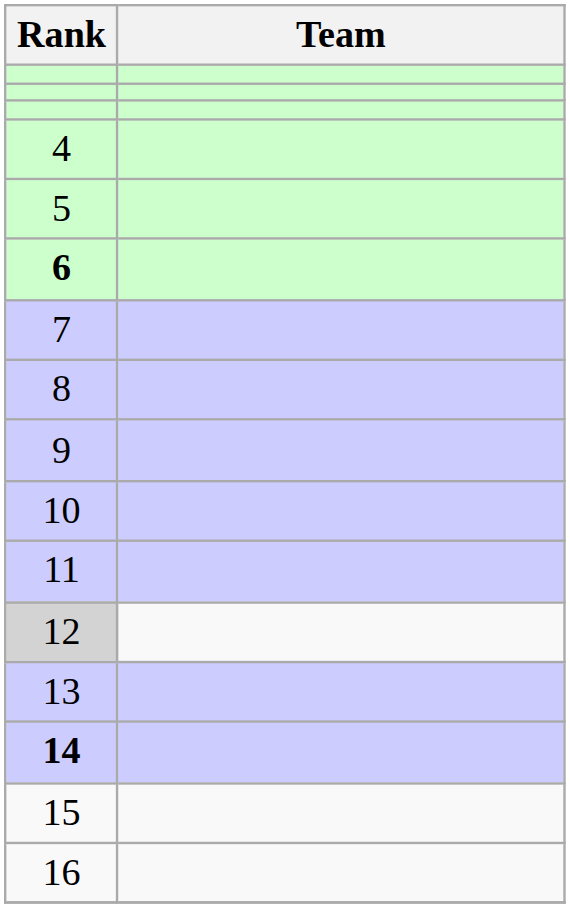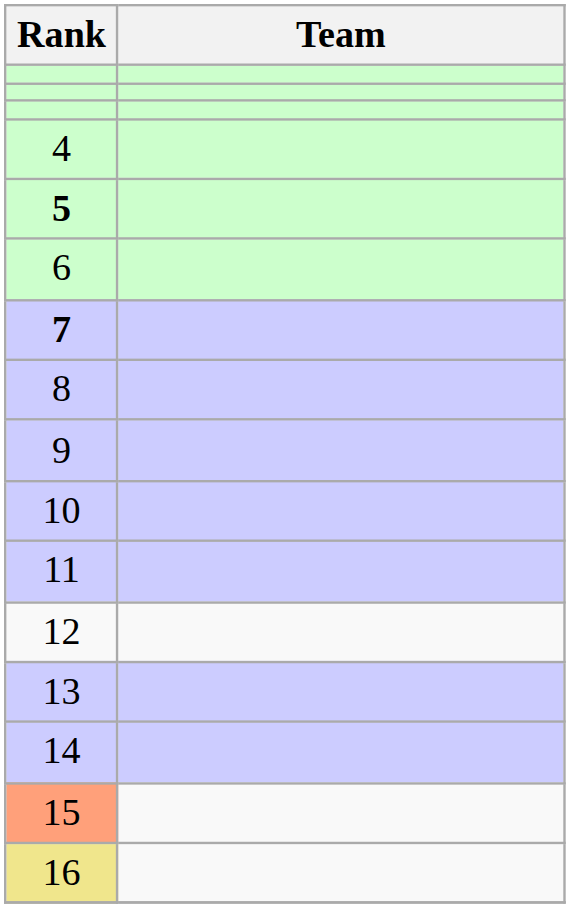 <table class="wikitable">
 <tr>
 <th style="width: 40px;">Rank</th>
 <th style="width: 180px;">Team</th>
 </tr>
 <tr bgcolor=#ccffcc>
 <td align=center></td>
 <td></td>
 </tr>
 <tr bgcolor=#ccffcc>
 <td align=center></td>
 <td></td>
 </tr>
 <tr bgcolor=#ccffcc>
 <td align=center></td>
 <td></td>
 </tr>
 <tr bgcolor=#ccffcc>
 <td align=center>4</td>
 <td></td>
 </tr>
 <tr bgcolor=#ccffcc>
-<td align=center>5</td>
+<td align=center><strong>5</strong></td>
 <td></td>
 </tr>
 <tr bgcolor=#ccffcc>
-<td align=center><strong>6</strong></td>
+<td align=center>6</td>
 <td></td>
 </tr>
 <tr bgcolor=#ccccff>
-<td align=center>7</td>
+<td align=center><strong>7</strong></td>
 <td></td>
 </tr>
 <tr bgcolor=#ccccff>
 <td align=center>8</td>
 <td></td>
 </tr>
 <tr bgcolor=#ccccff>
 <td align=center>9</td>
 <td></td>
 </tr>
 <tr bgcolor=#ccccff>
 <td align=center>10</td>
 <td></td>
 </tr>
 <tr bgcolor=#ccccff>
 <td align=center>11</td>
 <td></td>
 </tr>
 <tr>
-<td align=center style="background: lightgrey;">12</td>
+<td align=center>12</td>
 <td></td>
 </tr>
 <tr bgcolor=#ccccff>
 <td align=center>13</td>
 <td></td>
 </tr>
 <tr bgcolor=#ccccff>
-<td align=center><strong>14</strong></td>
+<td align=center>14</td>
 <td></td>
 </tr>
 <tr>
-<td align=center>15</td>
+<td align=center style="background: lightsalmon;">15</td>
 <td></td>
 </tr>
 <tr>
-<td align=center>16</td>
+<td align=center style="background: khaki;">16</td>
 <td></td>
 </tr>
 <tr>
 </tr>
 </table>
